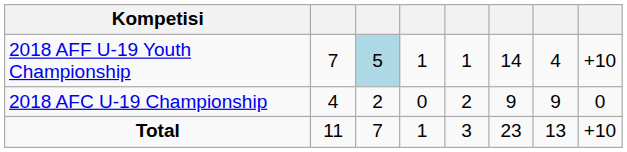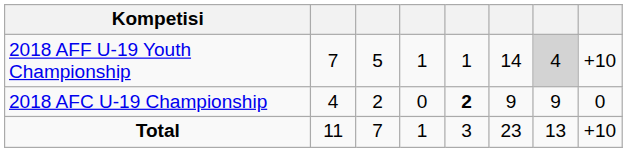 <table class="wikitable" style="text-align: center; margin-bottom: 10px;">
 <tr>
 <th width="250">Kompetisi</th>
 <th width="30"></th>
 <th width="30"></th>
 <th width="30"></th>
 <th width="30"></th>
 <th width="30"></th>
 <th width="30"></th>
 <th width="30"></th>
 </tr>
 <tr>
 <td align=left><a href='#'>2018 AFF U-19 Youth Championship</a></td>
 <td>7</td>
-<td style="background: lightblue;">5</td>
+<td>5</td>
 <td>1</td>
 <td>1</td>
 <td>14</td>
-<td>4</td>
+<td style="background: lightgrey;">4</td>
 <td>+10</td>
 </tr>
 <tr>
 <td align=left><a href='#'>2018 AFC U-19 Championship</a></td>
 <td>4</td>
 <td>2</td>
 <td>0</td>
-<td>2</td>
+<td><strong>2</strong></td>
 <td>9</td>
 <td>9</td>
 <td>0</td>
 </tr>
 <tr>
 <td><strong>Total</strong></td>
 <td>11</td>
 <td>7</td>
 <td>1</td>
 <td>3</td>
 <td>23</td>
 <td>13</td>
 <td>+10</td>
 </tr>
 </table>
